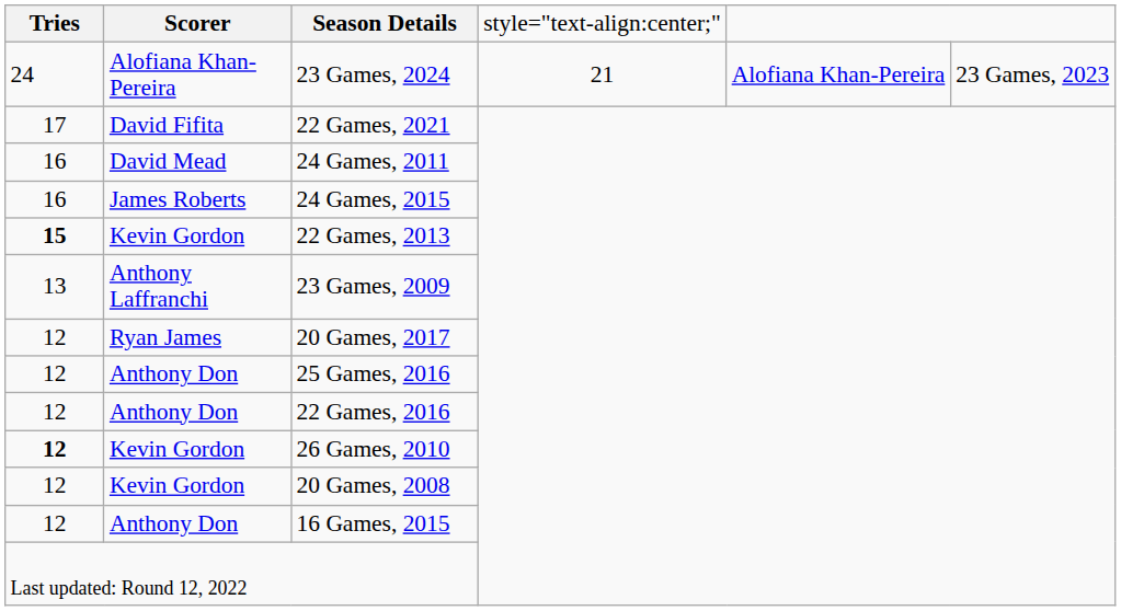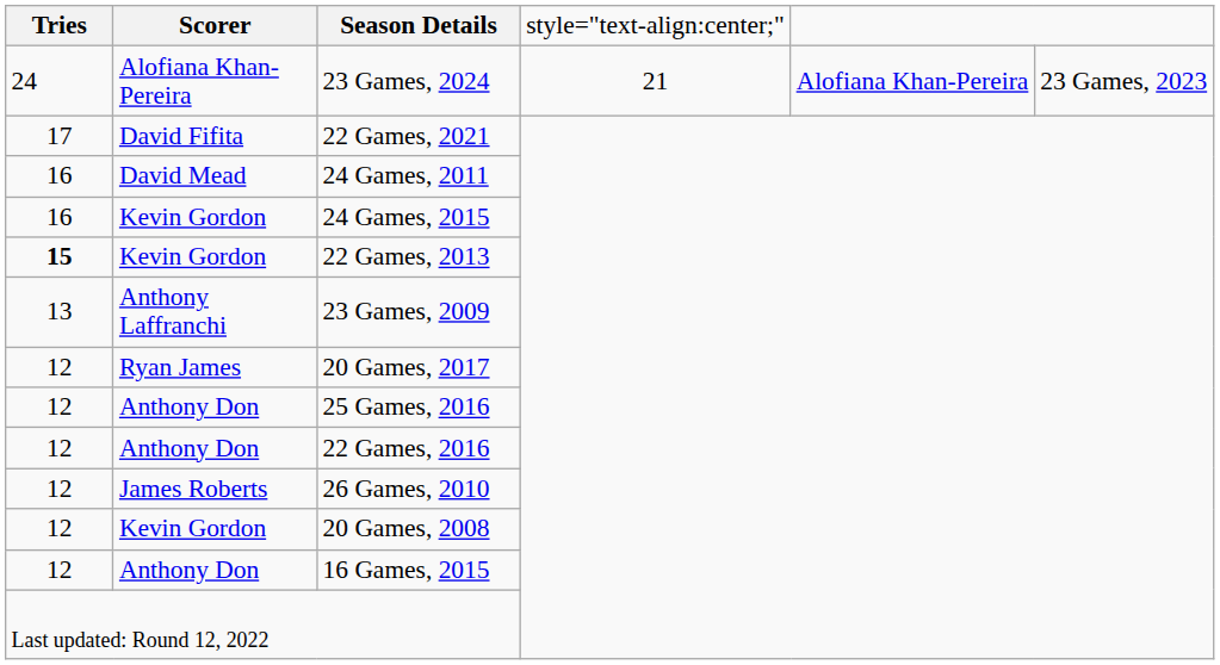 <table class="wikitable" style="text-align:left;">
 <tr>
 <th width="60">Tries</th>
 <th width="120">Scorer</th>
 <th width="120">Season Details</th>
 <td>style="text-align:center;"</td>
 </tr>
 <tr>
 <td>24</td>
 <td><a href='#'>Alofiana Khan-Pereira</a></td>
 <td>23 Games, <a href='#'>2024</a></td>
 <td style="text-align:center;">21</td>
 <td><a href='#'>Alofiana Khan-Pereira</a></td>
 <td>23 Games, <a href='#'>2023</a></td>
 </tr>
 <tr>
 <td style="text-align:center;">17</td>
 <td><a href='#'>David Fifita</a></td>
 <td>22 Games, <a href='#'>2021</a></td>
 </tr>
 <tr>
 <td style="text-align:center;">16</td>
 <td><a href='#'>David Mead</a></td>
 <td>24 Games, <a href='#'>2011</a></td>
 </tr>
 <tr>
 <td style="text-align:center;">16</td>
-<td><a href='#'>James Roberts</a></td>
+<td><a href='#'>Kevin Gordon</a></td>
 <td>24 Games, <a href='#'>2015</a></td>
 </tr>
 <tr>
 <td style="text-align:center;"><strong>15</strong></td>
 <td><a href='#'>Kevin Gordon</a></td>
 <td>22 Games, <a href='#'>2013</a></td>
 </tr>
 <tr>
 <td style="text-align:center;">13</td>
 <td><a href='#'>Anthony Laffranchi</a></td>
 <td>23 Games, <a href='#'>2009</a></td>
 </tr>
 <tr>
 <td style="text-align:center;">12</td>
 <td><a href='#'>Ryan James</a></td>
 <td>20 Games, <a href='#'>2017</a></td>
 </tr>
 <tr>
 <td style="text-align:center;">12</td>
 <td><a href='#'>Anthony Don</a></td>
 <td>25 Games, <a href='#'>2016</a></td>
 </tr>
 <tr>
 <td style="text-align:center;">12</td>
 <td><a href='#'>Anthony Don</a></td>
 <td>22 Games, <a href='#'>2016</a></td>
 </tr>
 <tr>
-<td style="text-align:center;"><strong>12</strong></td>
-<td><a href='#'>Kevin Gordon</a></td>
+<td style="text-align:center;">12</td>
+<td><a href='#'>James Roberts</a></td>
 <td>26 Games, <a href='#'>2010</a></td>
 </tr>
 <tr>
 <td style="text-align:center;">12</td>
 <td><a href='#'>Kevin Gordon</a></td>
 <td>20 Games, <a href='#'>2008</a></td>
 </tr>
 <tr>
 <td style="text-align:center;">12</td>
 <td><a href='#'>Anthony Don</a></td>
 <td>16 Games, <a href='#'>2015</a></td>
 </tr>
 <tr class="sortbottom">
 <td colspan=3><br><small>Last updated: Round 12, 2022</small></td>
 </tr>
 </table>
